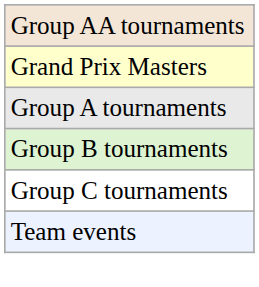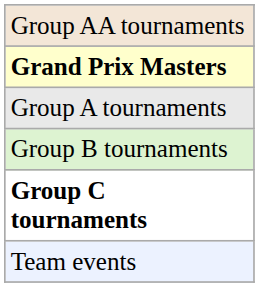 <table class=wikitable  style=font-size:95%;width:12%>
 <tr style="background:#F3E6D7;">
 <td>Group AA tournaments</td>
 </tr>
 <tr style="background:#FFC;">
-<td>Grand Prix Masters</td>
+<td><strong>Grand Prix Masters</strong></td>
 </tr>
 <tr style="background:#E9E9E9;">
 <td>Group A tournaments</td>
 </tr>
 <tr style="background:#DDF3D1;">
 <td>Group B tournaments</td>
 </tr>
 <tr style="background:#FFF;">
-<td>Group C tournaments</td>
+<td><strong>Group C tournaments</strong></td>
 </tr>
 <tr style="background:#ECF2FF;">
 <td>Team events</td>
 </tr>
 </table>
